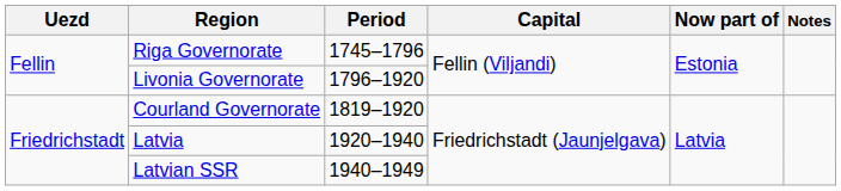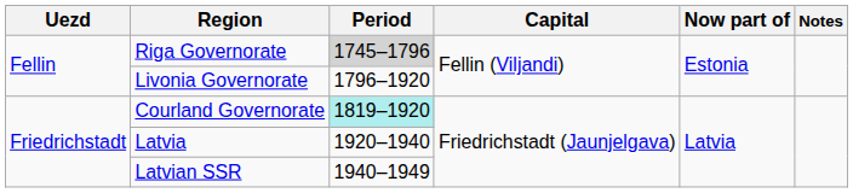 <table class="wikitable sortable">
 <tr>
 <th>Uezd</th>
 <th>Region</th>
 <th>Period</th>
 <th>Capital</th>
 <th>Now part of</th>
 <th><small>Notes</small></th>
 </tr>
 <tr>
 <td rowspan="2"><a href='#'>Fellin</a></td>
 <td><a href='#'>Riga Governorate</a></td>
-<td>1745–1796</td>
+<td style="background: lightgrey;">1745–1796</td>
 <td rowspan="2">Fellin (<a href='#'>Viljandi</a>)</td>
 <td rowspan="2"><a href='#'>Estonia</a></td>
 <td rowspan="2"></td>
 </tr>
 <tr>
 <td><a href='#'>Livonia Governorate</a></td>
 <td>1796–1920</td>
 </tr>
 <tr>
 <td rowspan="3"><a href='#'>Friedrichstadt</a></td>
 <td><a href='#'>Courland Governorate</a></td>
-<td>1819–1920</td>
+<td style="background: paleturquoise;">1819–1920</td>
 <td rowspan="3">Friedrichstadt (<a href='#'>Jaunjelgava</a>)</td>
 <td rowspan="3"><a href='#'>Latvia</a></td>
 <td rowspan="3"></td>
 </tr>
 <tr>
 <td><a href='#'>Latvia</a></td>
 <td>1920–1940</td>
 </tr>
 <tr>
 <td><a href='#'>Latvian SSR</a></td>
 <td>1940–1949</td>
 </tr>
 </table>
